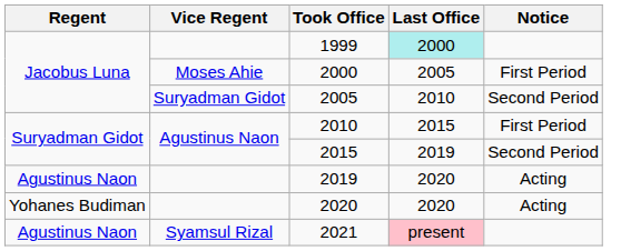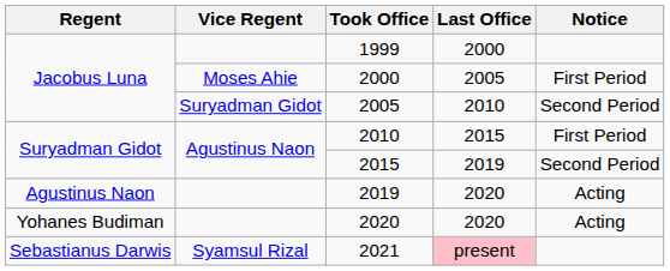 <table class="wikitable" style="text-align:center;">
 <tr>
 <th>Regent</th>
 <th>Vice Regent</th>
 <th>Took Office</th>
 <th>Last Office</th>
 <th>Notice</th>
 </tr>
 <tr>
 <td rowspan="3"><a href='#'>Jacobus Luna</a></td>
 <td></td>
 <td>1999</td>
-<td style="background: paleturquoise;">2000</td>
+<td>2000</td>
 <td></td>
 </tr>
 <tr>
 <td><a href='#'>Moses Ahie</a></td>
 <td>2000</td>
 <td>2005</td>
 <td>First Period</td>
 </tr>
 <tr>
 <td><a href='#'>Suryadman Gidot</a></td>
 <td>2005</td>
 <td>2010</td>
 <td>Second Period</td>
 </tr>
 <tr>
 <td rowspan="2"><a href='#'>Suryadman Gidot</a></td>
 <td rowspan="2"><a href='#'>Agustinus Naon</a></td>
 <td>2010</td>
 <td>2015</td>
 <td>First Period</td>
 </tr>
 <tr>
 <td>2015</td>
 <td>2019</td>
 <td>Second Period</td>
 </tr>
 <tr>
 <td><a href='#'>Agustinus Naon</a></td>
 <td></td>
 <td>2019</td>
 <td>2020</td>
 <td>Acting</td>
 </tr>
 <tr>
 <td>Yohanes Budiman</td>
 <td></td>
 <td>2020</td>
 <td>2020</td>
 <td>Acting</td>
 </tr>
 <tr>
-<td><a href='#'>Agustinus Naon</a></td>
+<td><a href='#'>Sebastianus Darwis</a></td>
 <td><a href='#'>Syamsul Rizal</a></td>
 <td>2021</td>
 <td style="background: pink;">present</td>
 <td></td>
 </tr>
 </table>
